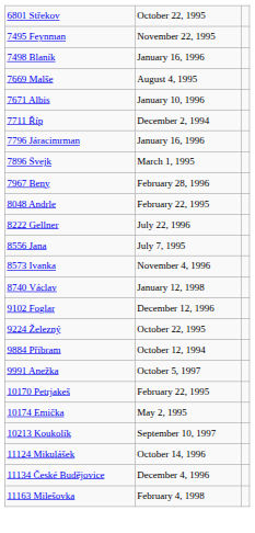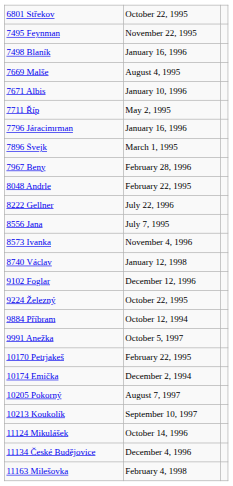 <table class="wikitable" style="font-size: 89%; float: left; width: 25em; margin-right: 1em; line-height: 1.65em !important; height: 675px;">
 <tr>
 <td><a href='#'>6801 Střekov</a></td>
 <td>October 22, 1995</td>
 <td></td>
 </tr>
 <tr>
 <td><a href='#'>7495 Feynman</a></td>
 <td>November 22, 1995</td>
 <td> </td>
 </tr>
 <tr>
 <td><a href='#'>7498 Blaník</a></td>
 <td>January 16, 1996</td>
 <td></td>
 </tr>
 <tr>
 <td><a href='#'>7669 Malše</a></td>
 <td>August 4, 1995</td>
 <td> </td>
 </tr>
 <tr>
 <td><a href='#'>7671 Albis</a></td>
 <td>January 10, 1996</td>
 <td></td>
 </tr>
 <tr>
 <td><a href='#'>7711 Říp</a></td>
-<td>December 2, 1994</td>
+<td>May 2, 1995</td>
 <td></td>
 </tr>
 <tr>
 <td><a href='#'>7796 Járacimrman</a></td>
 <td>January 16, 1996</td>
 <td></td>
 </tr>
 <tr>
 <td><a href='#'>7896 Švejk</a></td>
 <td>March 1, 1995</td>
 <td></td>
 </tr>
 <tr>
 <td><a href='#'>7967 Beny</a></td>
 <td>February 28, 1996</td>
 <td></td>
 </tr>
 <tr>
 <td><a href='#'>8048 Andrle</a></td>
 <td>February 22, 1995</td>
 <td> </td>
 </tr>
 <tr>
 <td><a href='#'>8222 Gellner</a></td>
 <td>July 22, 1996</td>
 <td> </td>
 </tr>
 <tr>
 <td><a href='#'>8556 Jana</a></td>
 <td>July 7, 1995</td>
 <td></td>
 </tr>
 <tr>
 <td><a href='#'>8573 Ivanka</a></td>
 <td>November 4, 1996</td>
 <td></td>
 </tr>
 <tr>
 <td><a href='#'>8740 Václav</a></td>
 <td>January 12, 1998</td>
 <td> </td>
 </tr>
 <tr>
 <td><a href='#'>9102 Foglar</a></td>
 <td>December 12, 1996</td>
 <td> </td>
 </tr>
 <tr>
 <td><a href='#'>9224 Železný</a></td>
 <td>October 22, 1995</td>
 <td> </td>
 </tr>
 <tr>
 <td><a href='#'>9884 Příbram</a></td>
 <td>October 12, 1994</td>
 <td> </td>
 </tr>
 <tr>
 <td><a href='#'>9991 Anežka</a></td>
 <td>October 5, 1997</td>
 <td></td>
 </tr>
 <tr>
 <td><a href='#'>10170 Petrjakeš</a></td>
 <td>February 22, 1995</td>
 <td> </td>
 </tr>
 <tr>
 <td><a href='#'>10174 Emička</a></td>
-<td>May 2, 1995</td>
+<td>December 2, 1994</td>
 <td></td>
+</tr>
+<tr>
+<td><a href='#'>10205 Pokorný</a></td>
+<td>August 7, 1997</td>
+<td> </td>
 </tr>
 <tr>
 <td><a href='#'>10213 Koukolík</a></td>
 <td>September 10, 1997</td>
 <td> </td>
 </tr>
 <tr>
 <td><a href='#'>11124 Mikulášek</a></td>
 <td>October 14, 1996</td>
 <td> </td>
 </tr>
 <tr>
 <td><a href='#'>11134 České Budějovice</a></td>
 <td>December 4, 1996</td>
 <td> </td>
 </tr>
 <tr>
 <td><a href='#'>11163 Milešovka</a></td>
 <td>February 4, 1998</td>
 <td></td>
 </tr>
 </table>
